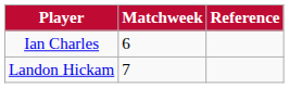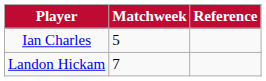 <table class=wikitable>
 <tr>
 <th style="background:#BF0A34; color:#FFFFFF;">Player</th>
 <th style="background:#BF0A34; color:#FFFFFF;">Matchweek</th>
 <th style="background:#BF0A34; color:#FFFFFF;">Reference</th>
 </tr>
 <tr>
 <td align=center> <a href='#'>Ian Charles</a></td>
-<td>6</td>
+<td>5</td>
 <td></td>
 </tr>
 <tr>
 <td align=center> <a href='#'>Landon Hickam</a></td>
 <td>7</td>
 <td></td>
 </tr>
 </table>
